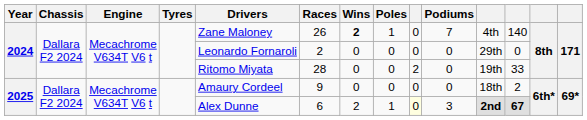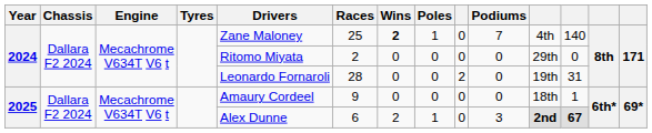 <table class="wikitable" style="text-align:center; font-size:85%">
 <tr>
 <th>Year</th>
 <th>Chassis</th>
 <th>Engine</th>
 <th>Tyres</th>
 <th>Drivers</th>
 <th>Races</th>
 <th>Wins</th>
 <th>Poles</th>
 <th></th>
 <th>Podiums</th>
 <th></th>
 <th></th>
 <th></th>
 <th></th>
 </tr>
 <tr>
 <th rowspan="3"><a href='#'>2024</a></th>
 <td rowspan="3"><a href='#'>Dallara</a><br><a href='#'>F2 2024</a></td>
 <td rowspan="3"><a href='#'>Mecachrome</a><br><a href='#'>V634T</a> <a href='#'>V6</a> <a href='#'>t</a></td>
 <td rowspan="3"></td>
 <td align=left> <a href='#'>Zane Maloney</a></td>
-<td>26</td>
+<td>25</td>
 <td><strong>2</strong></td>
 <td>1</td>
 <td>0</td>
 <td>7</td>
 <td style="background:#;">4th</td>
 <td style="background:#;">140</td>
 <th rowspan="3" style="background:#;">8th</th>
 <th rowspan="3" style="background:#;">171</th>
 </tr>
 <tr>
-<td align=left> <a href='#'>Leonardo Fornaroli</a></td>
+<td align=left> <a href='#'>Ritomo Miyata</a></td>
 <td>2</td>
 <td>0</td>
 <td>0</td>
 <td>0</td>
 <td>0</td>
 <td>29th</td>
 <td>0</td>
 </tr>
 <tr>
-<td align=left> <a href='#'>Ritomo Miyata</a></td>
+<td align=left> <a href='#'>Leonardo Fornaroli</a></td>
 <td>28</td>
 <td>0</td>
 <td>0</td>
 <td>2</td>
 <td>0</td>
 <td style="background:#;">19th</td>
-<td style="background:#;">33</td>
+<td style="background:#;">31</td>
 </tr>
 <tr>
 <th rowspan="2"><a href='#'>2025</a></th>
 <td rowspan=2><a href='#'>Dallara</a><br><a href='#'>F2 2024</a></td>
 <td rowspan=2><a href='#'>Mecachrome</a><br><a href='#'>V634T</a> <a href='#'>V6</a> <a href='#'>t</a></td>
 <td rowspan=2></td>
 <td align=left> <a href='#'>Amaury Cordeel</a></td>
 <td>9</td>
 <td>0</td>
 <td>0</td>
 <td>0</td>
 <td>0</td>
 <td style="background:#;">18th</td>
-<td style="background:#;">2</td>
+<td style="background:#;">1</td>
 <th rowspan="2" style="background:#;">6th*</th>
 <th rowspan="2" style="background:#;">69*</th>
 </tr>
 <tr>
 <td align=left> <a href='#'>Alex Dunne</a></td>
 <td>6</td>
 <td>2</td>
 <td>1</td>
-<td style="background: lightyellow;">0</td>
+<td>0</td>
 <td>3</td>
 <td style="background:#DFDFDF;"><strong>2nd</strong></td>
 <td style="background:#DFDFDF;"><strong>67</strong></td>
 </tr>
 </table>
